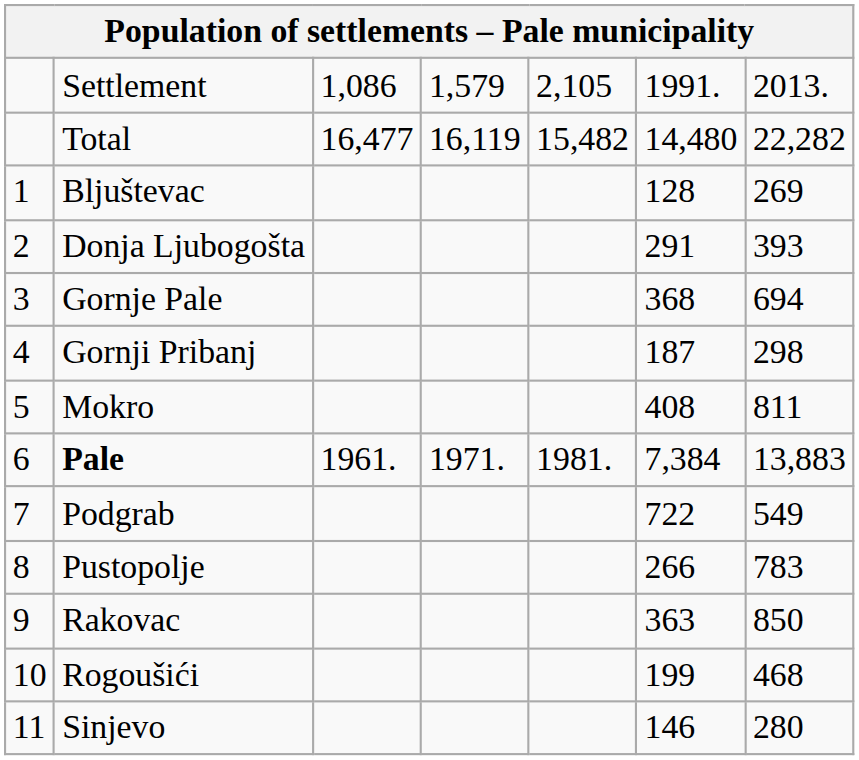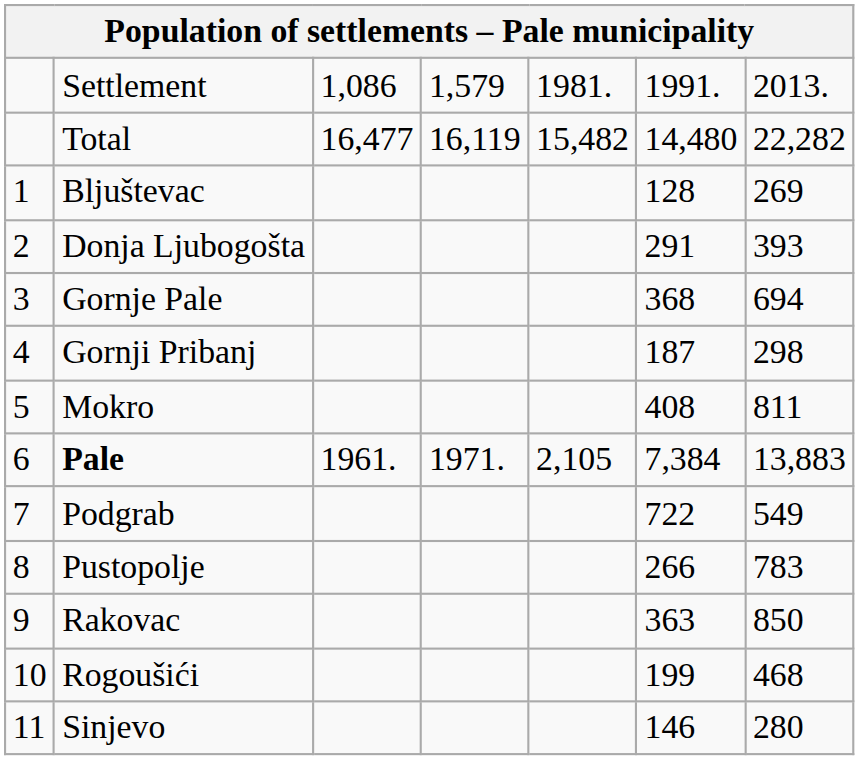 <table class="wikitable">
 <tr>
 <th colspan="7">Population of settlements – Pale municipality</th>
 </tr>
 <tr>
 <td></td>
 <td>Settlement</td>
 <td>1,086</td>
 <td>1,579</td>
-<td>2,105</td>
+<td>1981.</td>
 <td>1991.</td>
 <td>2013.</td>
 </tr>
 <tr>
 <td></td>
 <td>Total</td>
 <td>16,477</td>
 <td>16,119</td>
 <td>15,482</td>
 <td>14,480</td>
 <td>22,282</td>
 </tr>
 <tr>
 <td>1</td>
 <td>Bljuštevac</td>
 <td></td>
 <td></td>
 <td></td>
 <td>128</td>
 <td>269</td>
 </tr>
 <tr>
 <td>2</td>
 <td>Donja Ljubogošta</td>
 <td></td>
 <td></td>
 <td></td>
 <td>291</td>
 <td>393</td>
 </tr>
 <tr>
 <td>3</td>
 <td>Gornje Pale</td>
 <td></td>
 <td></td>
 <td></td>
 <td>368</td>
 <td>694</td>
 </tr>
 <tr>
 <td>4</td>
 <td>Gornji Pribanj</td>
 <td></td>
 <td></td>
 <td></td>
 <td>187</td>
 <td>298</td>
 </tr>
 <tr>
 <td>5</td>
 <td>Mokro</td>
 <td></td>
 <td></td>
 <td></td>
 <td>408</td>
 <td>811</td>
 </tr>
 <tr>
 <td>6</td>
 <td><strong>Pale</strong></td>
 <td>1961.</td>
 <td>1971.</td>
-<td>1981.</td>
+<td>2,105</td>
 <td>7,384</td>
 <td>13,883</td>
 </tr>
 <tr>
 <td>7</td>
 <td>Podgrab</td>
 <td></td>
 <td></td>
 <td></td>
 <td>722</td>
 <td>549</td>
 </tr>
 <tr>
 <td>8</td>
 <td>Pustopolje</td>
 <td></td>
 <td></td>
 <td></td>
 <td>266</td>
 <td>783</td>
 </tr>
 <tr>
 <td>9</td>
 <td>Rakovac</td>
 <td></td>
 <td></td>
 <td></td>
 <td>363</td>
 <td>850</td>
 </tr>
 <tr>
 <td>10</td>
 <td>Rogoušići</td>
 <td></td>
 <td></td>
 <td></td>
 <td>199</td>
 <td>468</td>
 </tr>
 <tr>
 <td>11</td>
 <td>Sinjevo</td>
 <td></td>
 <td></td>
 <td></td>
 <td>146</td>
 <td>280</td>
 </tr>
 </table>
